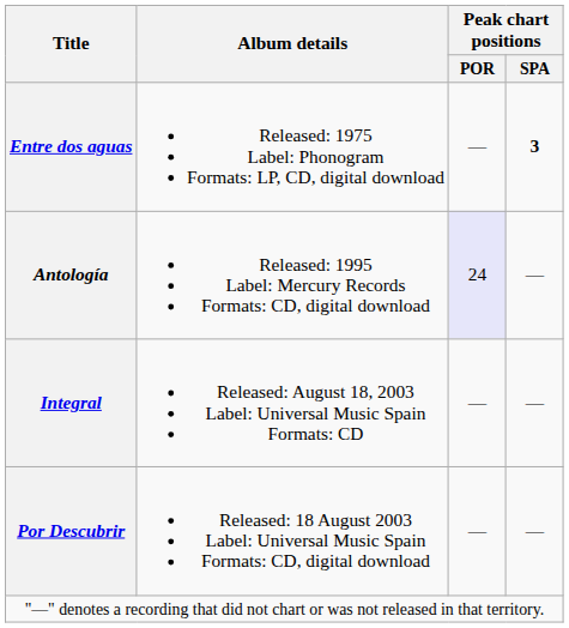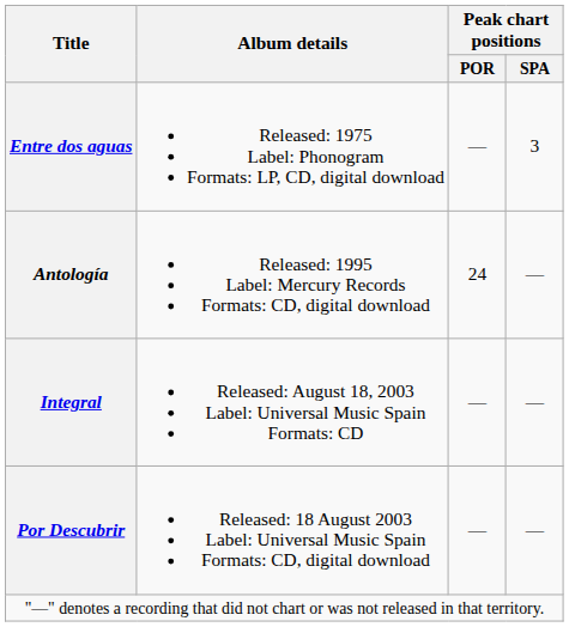 <table class="wikitable plainrowheaders" style="text-align:center;">
 <tr>
 <th scope="col" rowspan="2">Title</th>
 <th scope="col" rowspan="2">Album details</th>
 <th scope="col" colspan="2">Peak chart positions</th>
 </tr>
 <tr>
 <th scope="col" style="width:3em;font-size:90%;">POR<br></th>
 <th scope="col" style="width:3em;font-size:90%;">SPA<br></th>
 </tr>
 <tr>
 <th scope="row"><em><a href='#'>Entre dos aguas</a></em></th>
 <td><br><ul><li>Released: 1975</li><li>Label: Phonogram</li><li>Formats: LP, CD, digital download</li></ul></td>
 <td>—</td>
-<td><strong>3</strong></td>
+<td>3</td>
 </tr>
 <tr>
 <th scope="row"><em>Antología</em></th>
 <td><br><ul><li>Released: 1995</li><li>Label: Mercury Records</li><li>Formats: CD, digital download</li></ul></td>
-<td style="background: lavender;">24</td>
+<td>24</td>
 <td>—</td>
 </tr>
 <tr>
 <th scope="row"><em><a href='#'>Integral</a></em></th>
 <td><br><ul><li>Released: August 18, 2003</li><li>Label: Universal Music Spain</li><li>Formats: CD</li></ul></td>
 <td>—</td>
 <td>—</td>
 </tr>
 <tr>
 <th scope="row"><em><a href='#'>Por Descubrir</a></em></th>
 <td><br><ul><li>Released: 18 August 2003</li><li>Label: Universal Music Spain</li><li>Formats: CD, digital download</li></ul></td>
 <td>—</td>
 <td>—</td>
 </tr>
 <tr>
 <td colspan="15" style="font-size:90%">"—" denotes a recording that did not chart or was not released in that territory.</td>
 </tr>
 </table>
